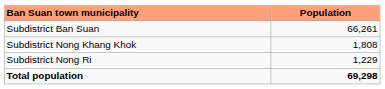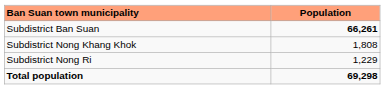 <table class="wikitable" style="width:48%; display:inline-table;">
 <tr>
 <td style= "background: #ffa07a;"><strong>Ban Suan town municipality</strong></td>
 <td style= "background: #ffa07a; text-align:center;"><strong>Population</strong></td>
 </tr>
 <tr>
 <td>Subdistrict Ban Suan</td>
-<td style="text-align:right;">66,261</td>
+<td style="text-align:right;"><strong>66,261</strong></td>
 </tr>
 <tr>
 <td>Subdistrict Nong Khang Khok</td>
 <td style="text-align:right;">1,808</td>
 </tr>
 <tr>
 <td>Subdistrict Nong Ri</td>
 <td style="text-align:right;">1,229</td>
 </tr>
 <tr>
 <td><strong>Total population</strong></td>
 <td style="text-align:right;"><strong>69,298</strong></td>
 </tr>
 </table>
